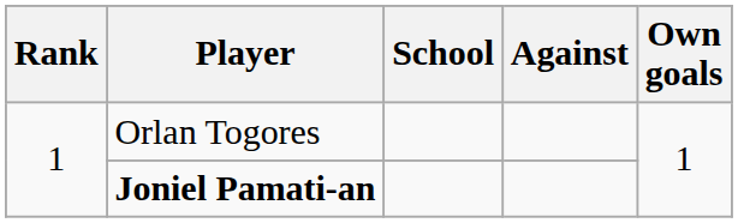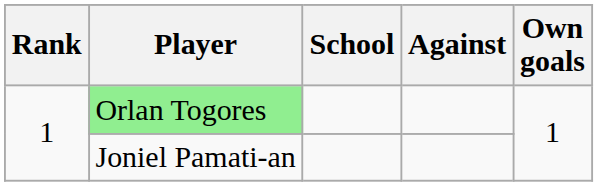 <table class="wikitable" style="text-align:center">
 <tr>
 <th>Rank</th>
 <th>Player</th>
 <th>School</th>
 <th>Against</th>
 <th>Own<br>goals</th>
 </tr>
 <tr>
 <td rowspan=2>1</td>
-<td align="left"> Orlan Togores</td>
+<td align="left" style="background: lightgreen;"> Orlan Togores</td>
 <td align="left"></td>
 <td align="left"></td>
 <td rowspan=2>1</td>
 </tr>
 <tr>
-<td align="left"><strong> Joniel Pamati-an</strong></td>
+<td align="left"> Joniel Pamati-an</td>
 <td align="left"></td>
 <td align="left"></td>
 </tr>
 </table>
